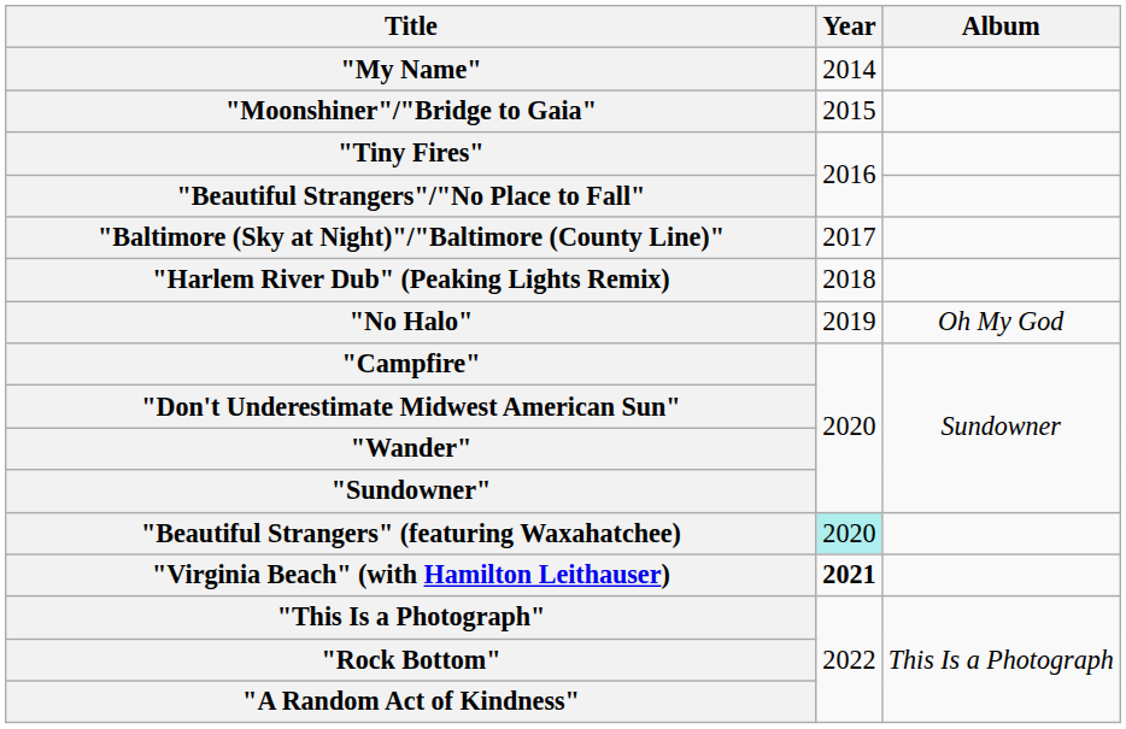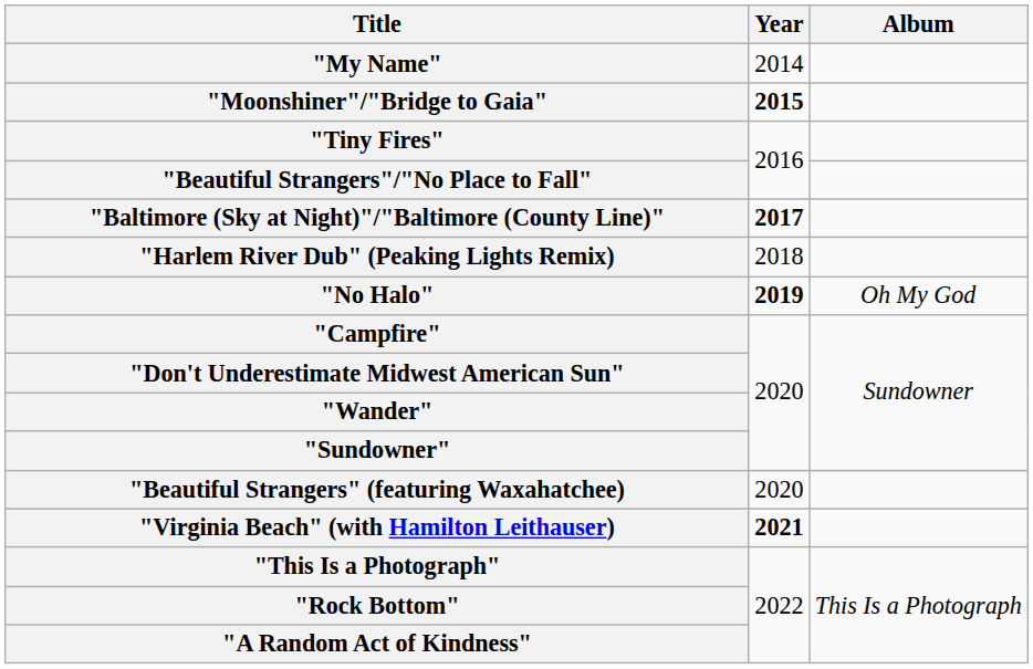 <table class="wikitable plainrowheaders" style="text-align:center;">
 <tr>
 <th scope="col" style="width:30em;">Title</th>
 <th scope="col">Year</th>
 <th scope="col">Album</th>
 </tr>
 <tr>
 <th scope="row">"My Name"</th>
 <td>2014</td>
 <td></td>
 </tr>
 <tr>
 <th scope="row">"Moonshiner"/"Bridge to Gaia"</th>
-<td>2015</td>
+<td><strong>2015</strong></td>
 <td></td>
 </tr>
 <tr>
 <th scope="row">"Tiny Fires"</th>
 <td rowspan=2>2016</td>
 <td></td>
 </tr>
 <tr>
 <th scope="row">"Beautiful Strangers"/"No Place to Fall"</th>
 <td></td>
 </tr>
 <tr>
 <th scope="row">"Baltimore (Sky at Night)"/"Baltimore (County Line)"</th>
-<td>2017</td>
+<td><strong>2017</strong></td>
 <td></td>
 </tr>
 <tr>
 <th scope="row">"Harlem River Dub" (Peaking Lights Remix)</th>
 <td>2018</td>
 <td></td>
 </tr>
 <tr>
 <th scope="row">"No Halo"</th>
-<td>2019</td>
+<td><strong>2019</strong></td>
 <td><em>Oh My God</em></td>
 </tr>
 <tr>
 <th scope="row">"Campfire"</th>
 <td rowspan=4>2020</td>
 <td rowspan=4><em>Sundowner</em></td>
 </tr>
 <tr>
 <th scope="row">"Don't Underestimate Midwest American Sun"</th>
 </tr>
 <tr>
 <th scope="row">"Wander"</th>
 </tr>
 <tr>
 <th scope="row">"Sundowner"</th>
 </tr>
 <tr>
 <th scope="row">"Beautiful Strangers" (featuring Waxahatchee)</th>
-<td style="background: paleturquoise;">2020</td>
+<td>2020</td>
 <td></td>
 </tr>
 <tr>
 <th scope="row">"Virginia Beach" (with <a href='#'>Hamilton Leithauser</a>)</th>
 <td><strong>2021</strong></td>
 <td></td>
 </tr>
 <tr>
 <th scope="row">"This Is a Photograph"</th>
 <td rowspan="3">2022</td>
 <td rowspan="3"><em>This Is a Photograph</em></td>
 </tr>
 <tr>
 <th scope="row">"Rock Bottom"</th>
 </tr>
 <tr>
 <th scope="row">"A Random Act of Kindness"</th>
 </tr>
 </table>
